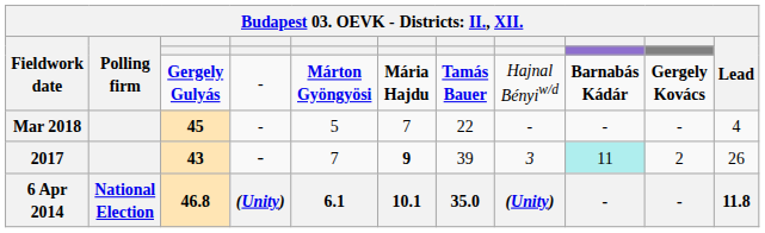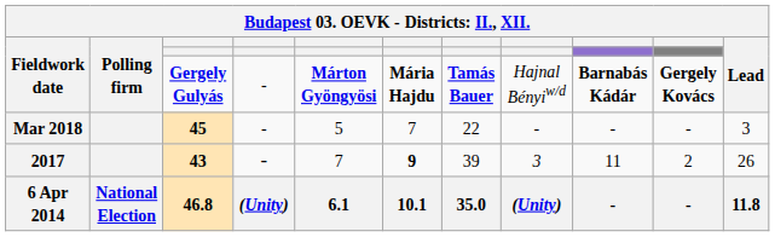 <table class="wikitable mw-collapsible mw-collapsed" style="text-align:center">
 <tr>
 <th colspan="11" style="width: 980pt;"><small><a href='#'>Budapest</a> 03. OEVK -</small> <small>Districts: <a href='#'>II.</a>, <a href='#'>XII.</a></small></th>
 </tr>
 <tr>
 <th rowspan="3" style="width: 80pt;"><small>Fieldwork</small> <small>date</small></th>
 <th rowspan="3" style="width: 80pt;"><strong><small>Polling</small> <small>firm</small></strong></th>
 <th style="width: 100pt;"><small></small></th>
 <th style="width: 100pt;"><small> </small></th>
 <th style="width: 100pt;"></th>
 <th style="width: 100pt;"></th>
 <th style="width: 100pt;"></th>
 <th style="width: 100pt;"></th>
 <th style="width: 100pt;"></th>
 <th style="width: 100pt;"></th>
 <th rowspan="3" style="width: 20pt;"><small>Lead</small></th>
 </tr>
 <tr>
 <th style="color:inherit;background:"></th>
 <th style="color:inherit;background:"></th>
 <th style="color:inherit;background:"></th>
 <th style="color:inherit;background:"></th>
 <th style="color:inherit;background:"></th>
 <th style="color:inherit;background:"></th>
 <th style="color:inherit;background:#8E6FCE;"></th>
 <th style="color:inherit;background:#808080;"></th>
 </tr>
 <tr>
 <td><a href='#'><strong><small>Gergely Gulyás</small></strong></a></td>
 <td><small>-</small></td>
 <td><a href='#'><strong><small>Márton Gyöngyösi</small></strong></a></td>
 <td><strong><small>Mária Hajdu</small></strong></td>
 <td><a href='#'><strong><small>Tamás Bauer</small></strong></a></td>
 <td><small><em>Hajnal Bényi<sup>w/d</sup></em></small></td>
 <td><strong><small>Barnabás Kádár</small></strong></td>
 <td><strong><small>Gergely Kovács</small></strong></td>
 </tr>
 <tr>
 <th><small>Mar 2018</small></th>
 <th><small></small></th>
 <td style="background:#FFE5B4"><strong><small>45</small></strong></td>
 <td><small>-</small></td>
 <td><small>5</small></td>
 <td><small>7</small></td>
 <td><small>22</small></td>
 <td><small><em>-</em></small></td>
 <td><small>-</small></td>
 <td><small>-</small></td>
-<td style="background:"><small>4</small></td>
+<td style="background:"><small>3</small></td>
 </tr>
 <tr>
 <th><small>2017</small></th>
 <th><small></small></th>
 <td style="background:#FFE5B4"><strong><small>43</small></strong></td>
 <td>-</td>
 <td><small>7</small></td>
 <td><strong><small>9</small></strong></td>
 <td><small>39</small></td>
 <td><small><em>3</em></small></td>
-<td style="background: paleturquoise;"><small>11</small></td>
+<td><small>11</small></td>
 <td><small>2</small></td>
 <td style="background:"><small>26</small></td>
 </tr>
 <tr>
 <th><small>6 Apr 2014</small></th>
 <th><a href='#'><small>National Election</small></a></th>
 <th style="background:#FFE5B4"><small>46.8</small></th>
 <th><small><em>(<a href='#'>Unity</a>)</em></small></th>
 <th><small>6.1</small></th>
 <th><small>10.1</small></th>
 <th><small>35.0</small></th>
 <th><small><em>(<a href='#'>Unity</a>)</em></small></th>
 <th><small>-</small></th>
 <th><small>-</small></th>
 <th style="background:"><small>11.8</small></th>
 </tr>
 </table>
